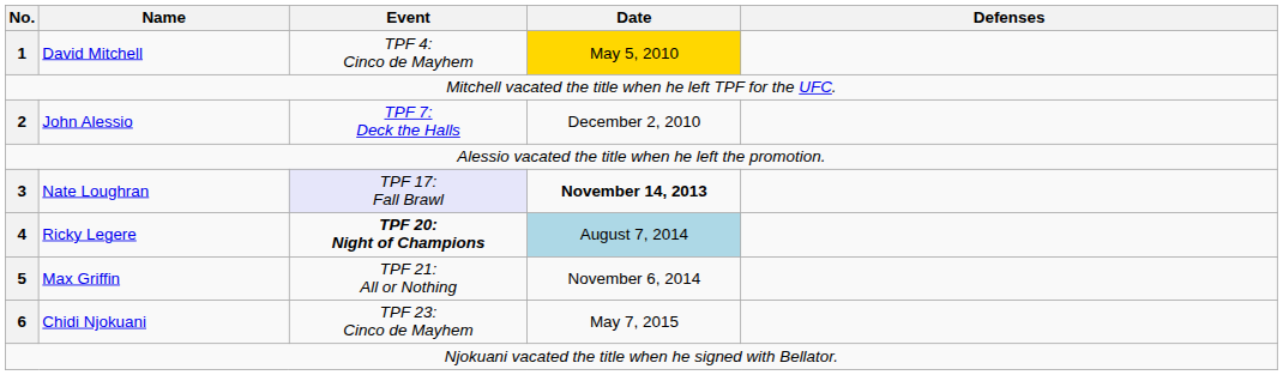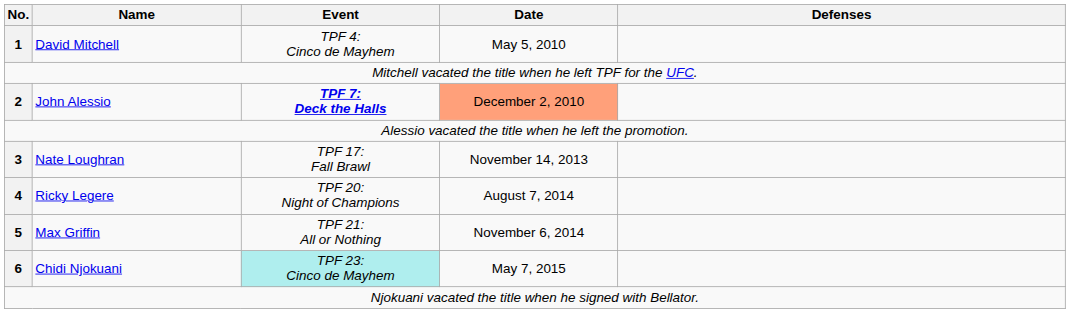 <table class="wikitable" width=100%>
 <tr>
 <th width=1%>No.</th>
 <th width=20%>Name</th>
 <th width=19%>Event</th>
 <th width=17%>Date</th>
 <th width=44%>Defenses</th>
 </tr>
 <tr>
 <th>1</th>
 <td align=left> <a href='#'>David Mitchell</a><br></td>
 <td align=center><em>TPF 4:</em><br><em>Cinco de Mayhem</em><br></td>
-<td align=center style="background: gold;">May 5, 2010</td>
+<td align=center>May 5, 2010</td>
 <td><br></td>
 </tr>
 <tr>
 <td align="center" colspan="5"><em>Mitchell vacated the title when he left TPF for the <a href='#'>UFC</a>.</em></td>
 </tr>
 <tr>
 <th>2</th>
 <td align=left> <a href='#'>John Alessio</a><br></td>
-<td align=center><em><a href='#'>TPF 7:</a></em><br><em><a href='#'>Deck the Halls</a></em><br></td>
-<td align=center>December 2, 2010</td>
+<td align=center><strong><em><a href='#'>TPF 7:</a></em><br><em><a href='#'>Deck the Halls</a></em><br></strong></td>
+<td align=center style="background: lightsalmon;">December 2, 2010</td>
 <td></td>
 </tr>
 <tr>
 <td align="center" colspan="5"><em>Alessio vacated the title when he left the promotion.</em></td>
 </tr>
 <tr>
 <th>3</th>
 <td align=left> <a href='#'>Nate Loughran</a><br></td>
-<td align=center style="background: lavender;"><em>TPF 17:</em><br><em>Fall Brawl</em><br></td>
-<td align=center><strong>November 14, 2013</strong></td>
+<td align=center><em>TPF 17:</em><br><em>Fall Brawl</em><br></td>
+<td align=center>November 14, 2013</td>
 <td></td>
 </tr>
 <tr>
 <th>4</th>
 <td align=left> <a href='#'>Ricky Legere</a><br> </td>
-<td align=center><strong><em>TPF 20:</em><br><em>Night of Champions</em><br></strong></td>
-<td align=center style="background: lightblue;">August 7, 2014</td>
+<td align=center><em>TPF 20:</em><br><em>Night of Champions</em><br></td>
+<td align=center>August 7, 2014</td>
 <td></td>
 </tr>
 <tr>
 <th>5</th>
 <td align=left> <a href='#'>Max Griffin</a><br> </td>
 <td align=center><em>TPF 21:</em><br><em>All or Nothing</em><br></td>
 <td align=center>November 6, 2014</td>
 <td></td>
 </tr>
 <tr>
 <th>6</th>
 <td align=left> <a href='#'>Chidi Njokuani</a><br> </td>
-<td align=center><em>TPF 23:</em><br><em>Cinco de Mayhem</em><br></td>
+<td align=center style="background: paleturquoise;"><em>TPF 23:</em><br><em>Cinco de Mayhem</em><br></td>
 <td align=center>May 7, 2015</td>
 <td></td>
 </tr>
 <tr>
 <td align="center" colspan="5"><em>Njokuani vacated the title when he signed with Bellator.</em></td>
 </tr>
 </table>
